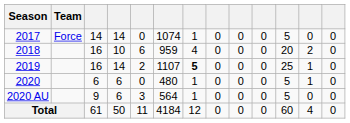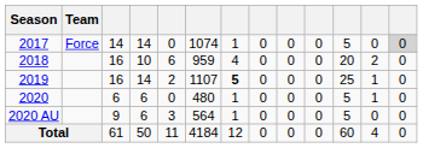 <table class="wikitable" style="text-align:center; line-height:90%; font-size:95%;">
 <tr style="line-height:175%;">
 <th>Season</th>
 <th>Team</th>
 <th style="width:25px;"></th>
 <th style="width:25px;"></th>
 <th style="width:25px;"></th>
 <th style="width:25px;"></th>
 <th style="width:25px;"></th>
 <th style="width:25px;"></th>
 <th style="width:25px;"></th>
 <th style="width:25px;"></th>
 <th style="width:25px;"></th>
 <th style="width:25px;"></th>
 <th style="width:25px;"></th>
 </tr>
 <tr>
 <td><a href='#'>2017</a></td>
 <td><a href='#'>Force</a></td>
 <td>14</td>
 <td>14</td>
 <td>0</td>
 <td>1074</td>
 <td>1</td>
 <td>0</td>
 <td>0</td>
 <td>0</td>
 <td>5</td>
 <td>0</td>
-<td>0</td>
+<td style="background: lightgrey;">0</td>
 </tr>
 <tr>
 <td><a href='#'>2018</a></td>
 <td></td>
 <td>16</td>
 <td>10</td>
 <td>6</td>
 <td>959</td>
 <td>4</td>
 <td>0</td>
 <td>0</td>
 <td>0</td>
 <td>20</td>
 <td>2</td>
 <td>0</td>
 </tr>
 <tr>
 <td><a href='#'>2019</a></td>
 <td></td>
 <td>16</td>
 <td>14</td>
 <td>2</td>
 <td>1107</td>
 <td><strong>5</strong></td>
 <td>0</td>
 <td>0</td>
 <td>0</td>
 <td>25</td>
 <td>1</td>
 <td>0</td>
 </tr>
 <tr>
 <td><a href='#'>2020</a></td>
 <td></td>
 <td>6</td>
 <td>6</td>
 <td>0</td>
 <td>480</td>
 <td>1</td>
 <td>0</td>
 <td>0</td>
 <td>0</td>
 <td>5</td>
 <td>1</td>
 <td>0</td>
 </tr>
 <tr>
 <td><a href='#'>2020 AU</a></td>
 <td></td>
 <td>9</td>
 <td>6</td>
 <td>3</td>
 <td>564</td>
 <td>1</td>
 <td>0</td>
 <td>0</td>
 <td>0</td>
 <td>5</td>
 <td>0</td>
 <td>0</td>
 </tr>
 <tr>
 <th colspan="2">Total</th>
 <td>61</td>
 <td>50</td>
 <td>11</td>
 <td>4184</td>
 <td>12</td>
 <td>0</td>
 <td>0</td>
 <td>0</td>
 <td>60</td>
 <td>4</td>
 <td>0</td>
 </tr>
 </table>
